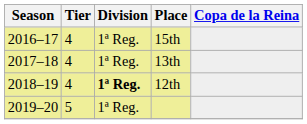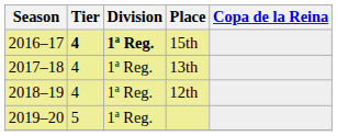 <table class="wikitable">
 <tr style="background:#f0f6fa;">
 <th>Season</th>
 <th>Tier</th>
 <th>Division</th>
 <th>Place</th>
 <th><a href='#'>Copa de la Reina</a></th>
 </tr>
 <tr>
 <td style="background:#EFEF99;">2016–17</td>
-<td style="background:#EFEF99;">4</td>
-<td style="background:#EFEF99;">1ª Reg.</td>
+<td style="background:#EFEF99;"><strong>4</strong></td>
+<td style="background:#EFEF99;"><strong>1ª Reg.</strong></td>
 <td style="background:#EFEF99;">15th</td>
 <td style="background:#efefef;"></td>
 </tr>
 <tr>
 <td style="background:#EFEF99;">2017–18</td>
 <td style="background:#EFEF99;">4</td>
 <td style="background:#EFEF99;">1ª Reg.</td>
 <td style="background:#EFEF99;">13th</td>
 <td style="background:#efefef;"></td>
 </tr>
 <tr>
 <td style="background:#EFEF99;">2018–19</td>
 <td style="background:#EFEF99;">4</td>
-<td style="background:#EFEF99;"><strong>1ª Reg.</strong></td>
+<td style="background:#EFEF99;">1ª Reg.</td>
 <td style="background:#EFEF99;">12th</td>
 <td style="background:#efefef;"></td>
 </tr>
 <tr>
 <td style="background:#EFEF99;">2019–20</td>
 <td style="background:#EFEF99;">5</td>
 <td style="background:#EFEF99;">1ª Reg.</td>
 <td style="background:#EFEF99;"></td>
 <td style="background:#efefef;"></td>
 </tr>
 <tr>
 </tr>
 </table>
